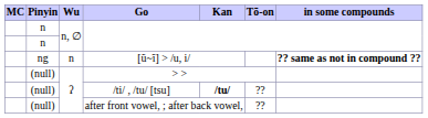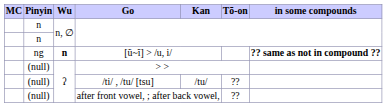 <table border="1" style="background: white; border: 1px solid #88a; border-collapse: collapse; margin: auto; text-align: center;" cellspacing="1" cellpadding="2">
 <tr style="background: #ccf;">
 <th>MC</th>
 <th>Pinyin</th>
 <th>Wu</th>
 <th>Go</th>
 <th>Kan</th>
 <th>Tō-on</th>
 <th>in some compounds</th>
 </tr>
 <tr>
 <td></td>
 <td>n</td>
 <td rowspan="2">n, ∅</td>
 <td colspan="4" rowspan="2"></td>
 </tr>
 <tr>
 <td></td>
 <td>n</td>
 </tr>
 <tr>
 <td></td>
 <td>ng</td>
-<td>n</td>
+<td><strong>n</strong></td>
 <td colspan="2">[ũ~ĩ] > /u, i/</td>
 <td></td>
 <td><strong>?? same as not in compound ??</strong></td>
 </tr>
 <tr>
 <td></td>
 <td>(null)</td>
 <td rowspan="3">ʔ</td>
 <td colspan="3"> >  > </td>
 <td></td>
 </tr>
 <tr>
 <td></td>
 <td>(null)</td>
 <td>/ti/ , /tu/ [tsu]</td>
-<td><strong>/tu/ </strong></td>
+<td>/tu/ </td>
 <td>??</td>
 <td></td>
 </tr>
 <tr>
 <td></td>
 <td>(null)</td>
 <td colspan="2">after front vowel, ; after back vowel, </td>
 <td>??</td>
 <td></td>
 </tr>
 </table>
